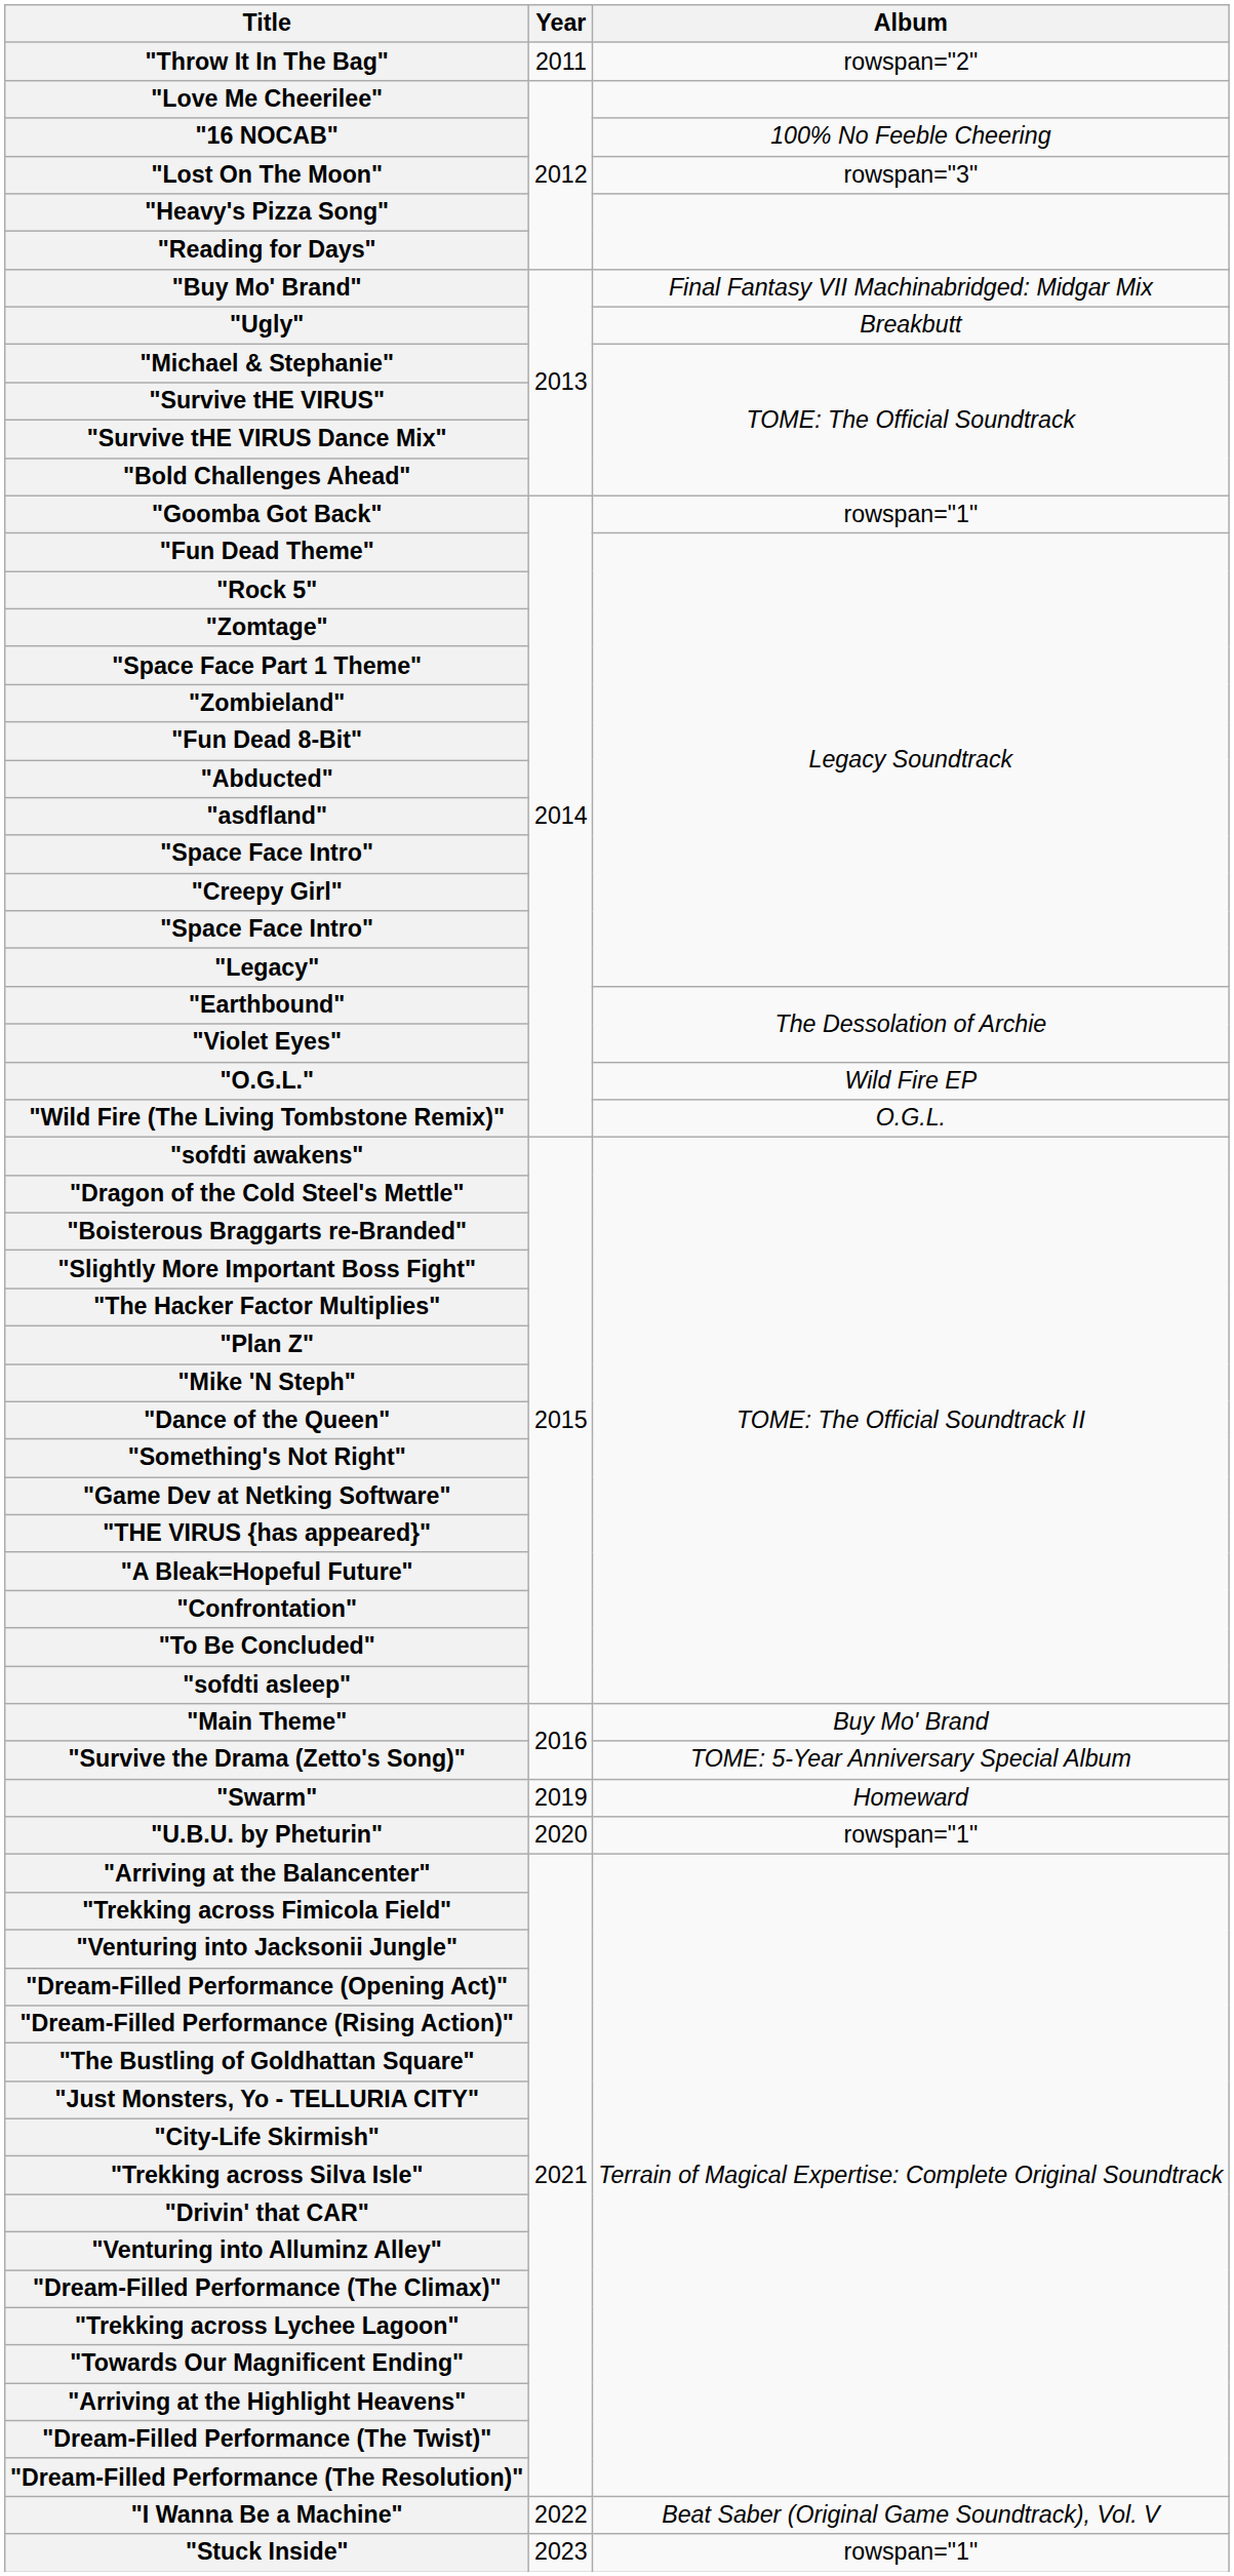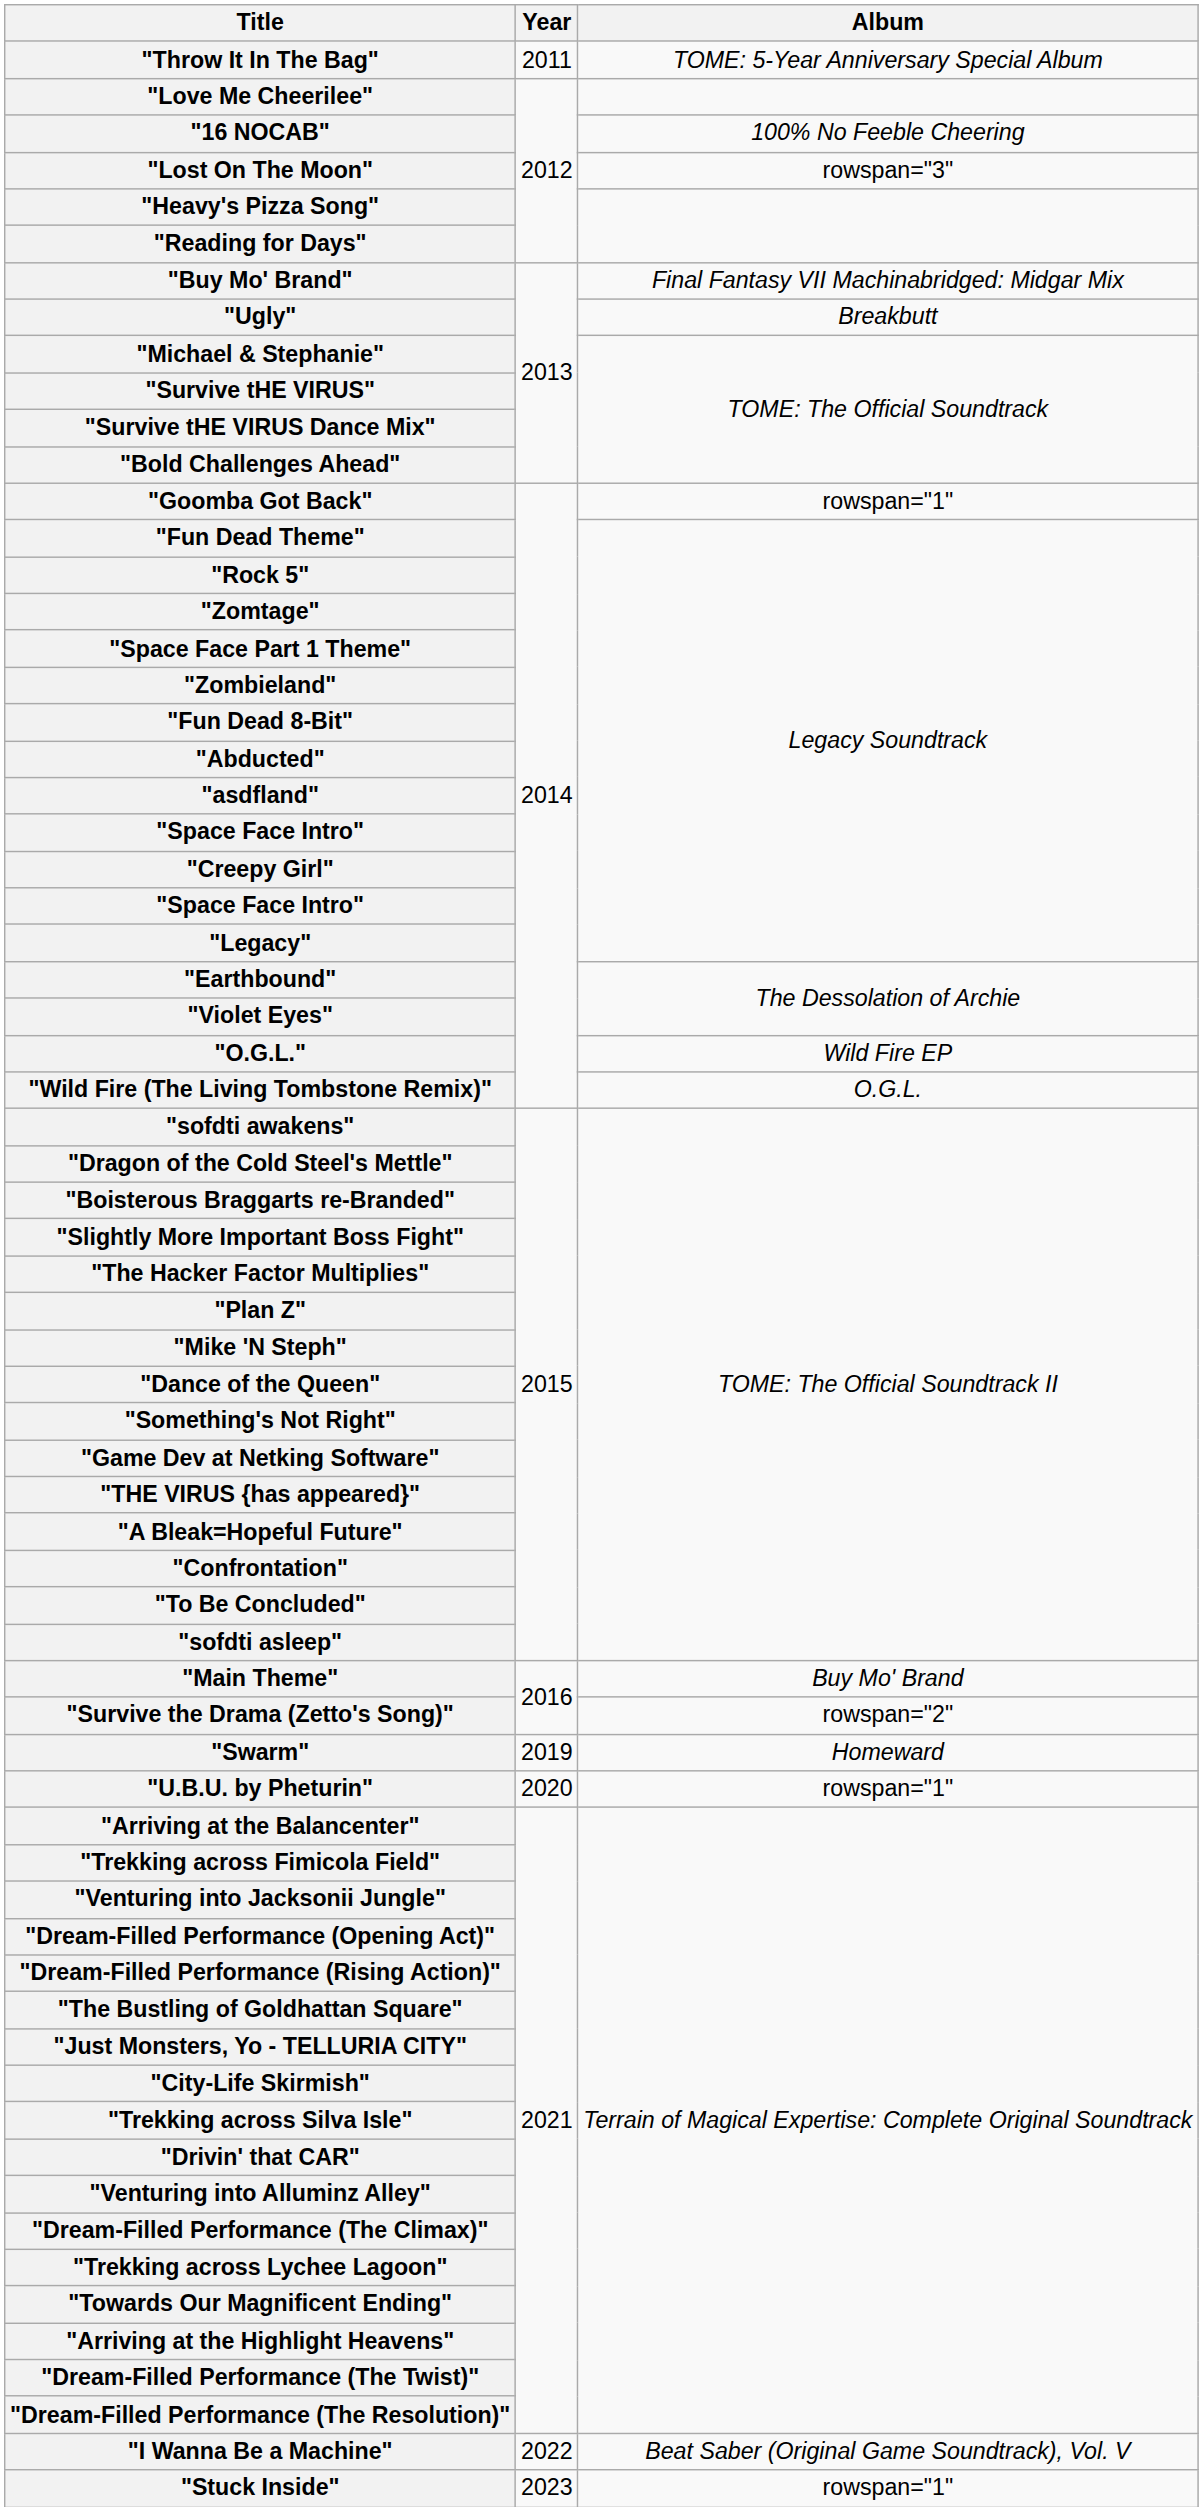 <table class="wikitable plainrowheaders" style="text-align:center;">
 <tr>
 <th scope="col">Title<br></th>
 <th scope="col">Year</th>
 <th scope="col">Album</th>
 </tr>
 <tr>
 <th scope="row">"Throw It In The Bag"<br></th>
 <td rowspan="1">2011</td>
-<td>rowspan="2" </td>
+<td><em>TOME: 5-Year Anniversary Special Album</em></td>
 </tr>
 <tr>
 <th scope="row">"Love Me Cheerilee"<br></th>
 <td rowspan="5">2012</td>
 </tr>
 <tr>
 <th scope="row">"16 NOCAB"</th>
 <td><em>100% No Feeble Cheering</em></td>
 </tr>
 <tr>
 <th scope="row">"Lost On The Moon"<br></th>
 <td>rowspan="3" </td>
 </tr>
 <tr>
 <th scope="row">"Heavy's Pizza Song"<br></th>
 </tr>
 <tr>
 <th scope="row">"Reading for Days"<br></th>
 </tr>
 <tr>
 <th scope="row">"Buy Mo' Brand"<br></th>
 <td rowspan="6">2013</td>
 <td><em>Final Fantasy VII Machinabridged: Midgar Mix</em></td>
 </tr>
 <tr>
 <th scope="row">"Ugly"</th>
 <td><em>Breakbutt</em></td>
 </tr>
 <tr>
 <th scope="row">"Michael & Stephanie"</th>
 <td rowspan="4"><em>TOME: The Official Soundtrack</em></td>
 </tr>
 <tr>
 <th scope="row">"Survive tHE VIRUS"</th>
 </tr>
 <tr>
 <th scope="row">"Survive tHE VIRUS Dance Mix"</th>
 </tr>
 <tr>
 <th scope="row">"Bold Challenges Ahead"</th>
 </tr>
 <tr>
 <th scope="row">"Goomba Got Back"<br></th>
 <td rowspan="17">2014</td>
 <td>rowspan="1" </td>
 </tr>
 <tr>
 <th scope="row">"Fun Dead Theme"</th>
 <td rowspan="12"><em>Legacy Soundtrack</em></td>
 </tr>
 <tr>
 <th scope="row">"Rock 5"</th>
 </tr>
 <tr>
 <th scope="row">"Zomtage"</th>
 </tr>
 <tr>
 <th scope="row">"Space Face Part 1 Theme"</th>
 </tr>
 <tr>
 <th scope="row">"Zombieland"</th>
 </tr>
 <tr>
 <th scope="row">"Fun Dead 8-Bit"</th>
 </tr>
 <tr>
 <th scope="row">"Abducted"</th>
 </tr>
 <tr>
 <th scope="row">"asdfland"<br></th>
 </tr>
 <tr>
 <th scope="row">"Space Face Intro"</th>
 </tr>
 <tr>
 <th scope="row">"Creepy Girl"</th>
 </tr>
 <tr>
 <th scope="row">"Space Face Intro"</th>
 </tr>
 <tr>
 <th scope="row">"Legacy"</th>
 </tr>
 <tr>
 <th scope="row">"Earthbound"<br></th>
 <td rowspan="2"><em>The Dessolation of Archie</em></td>
 </tr>
 <tr>
 <th scope="row">"Violet Eyes"<br></th>
 </tr>
 <tr>
 <th scope="row">"O.G.L."<br></th>
 <td><em>Wild Fire EP</em></td>
 </tr>
 <tr>
 <th scope="row">"Wild Fire (The Living Tombstone Remix)"</th>
 <td><em>O.G.L.</em></td>
 </tr>
 <tr>
 <th scope="row">"sofdti awakens"</th>
 <td rowspan="15">2015</td>
 <td rowspan="15"><em>TOME: The Official Soundtrack II</em></td>
 </tr>
 <tr>
 <th scope="row">"Dragon of the Cold Steel's Mettle"</th>
 </tr>
 <tr>
 <th scope="row">"Boisterous Braggarts re-Branded"</th>
 </tr>
 <tr>
 <th scope="row">"Slightly More Important Boss Fight"</th>
 </tr>
 <tr>
 <th scope="row">"The Hacker Factor Multiplies"</th>
 </tr>
 <tr>
 <th scope="row">"Plan Z"</th>
 </tr>
 <tr>
 <th scope="row">"Mike 'N Steph"</th>
 </tr>
 <tr>
 <th scope="row">"Dance of the Queen"</th>
 </tr>
 <tr>
 <th scope="row">"Something's Not Right"</th>
 </tr>
 <tr>
 <th scope="row">"Game Dev at Netking Software"</th>
 </tr>
 <tr>
 <th scope="row">"THE VIRUS {has appeared}"</th>
 </tr>
 <tr>
 <th scope="row">"A Bleak=Hopeful Future"</th>
 </tr>
 <tr>
 <th scope="row">"Confrontation"</th>
 </tr>
 <tr>
 <th scope="row">"To Be Concluded"</th>
 </tr>
 <tr>
 <th scope="row">"sofdti asleep"</th>
 </tr>
 <tr>
 <th scope="row">"Main Theme"</th>
 <td rowspan="2">2016</td>
 <td><em>Buy Mo' Brand</em></td>
 </tr>
 <tr>
 <th scope="row">"Survive the Drama (Zetto's Song)"</th>
-<td><em>TOME: 5-Year Anniversary Special Album</em></td>
+<td>rowspan="2" </td>
 </tr>
 <tr>
 <th scope="row">"Swarm"<br></th>
 <td>2019</td>
 <td><em>Homeward</em></td>
 </tr>
 <tr>
 <th scope="row">"U.B.U. by Pheturin"</th>
 <td>2020</td>
 <td>rowspan="1" </td>
 </tr>
 <tr>
 <th scope="row">"Arriving at the Balancenter"</th>
 <td rowspan="17">2021</td>
 <td rowspan="17"><em>Terrain of Magical Expertise: Complete Original Soundtrack</em></td>
 </tr>
 <tr>
 <th scope="row">"Trekking across Fimicola Field"</th>
 </tr>
 <tr>
 <th scope="row">"Venturing into Jacksonii Jungle"</th>
 </tr>
 <tr>
 <th scope="row">"Dream-Filled Performance (Opening Act)"</th>
 </tr>
 <tr>
 <th scope="row">"Dream-Filled Performance (Rising Action)"</th>
 </tr>
 <tr>
 <th scope="row">"The Bustling of Goldhattan Square"</th>
 </tr>
 <tr>
 <th scope="row">"Just Monsters, Yo - TELLURIA CITY"</th>
 </tr>
 <tr>
 <th scope="row">"City-Life Skirmish"</th>
 </tr>
 <tr>
 <th scope="row">"Trekking across Silva Isle"</th>
 </tr>
 <tr>
 <th scope="row">"Drivin' that CAR"</th>
 </tr>
 <tr>
 <th scope="row">"Venturing into Alluminz Alley"</th>
 </tr>
 <tr>
 <th scope="row">"Dream-Filled Performance (The Climax)"</th>
 </tr>
 <tr>
 <th scope="row">"Trekking across Lychee Lagoon"</th>
 </tr>
 <tr>
 <th scope="row">"Towards Our Magnificent Ending"</th>
 </tr>
 <tr>
 <th scope="row">"Arriving at the Highlight Heavens"</th>
 </tr>
 <tr>
 <th scope="row">"Dream-Filled Performance (The Twist)"</th>
 </tr>
 <tr>
 <th scope="row">"Dream-Filled Performance (The Resolution)"</th>
 </tr>
 <tr>
 <th scope="row">"I Wanna Be a Machine"</th>
 <td>2022</td>
 <td><em>Beat Saber (Original Game Soundtrack), Vol. V</em></td>
 </tr>
 <tr>
 <th scope="row">"Stuck Inside"<br></th>
 <td>2023</td>
 <td>rowspan="1" </td>
 </tr>
 </table>
